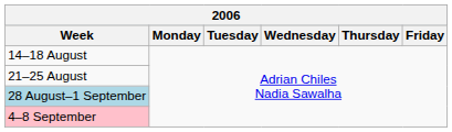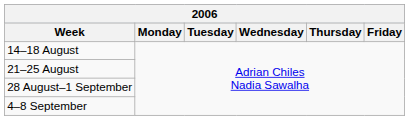 <table class="wikitable mw-collapsible" style="border:1px #aaa solid; font-size:90%;">
 <tr style="text-align:center; background:#b0c4de;">
 <th colspan=6>2006</th>
 </tr>
 <tr>
 <th>Week</th>
 <th>Monday</th>
 <th>Tuesday</th>
 <th>Wednesday</th>
 <th>Thursday</th>
 <th>Friday</th>
 </tr>
 <tr>
 <td>14–18 August</td>
 <td rowspan="4" colspan="5" style="text-align:center;"><a href='#'>Adrian Chiles</a> <br><a href='#'>Nadia Sawalha</a></td>
 </tr>
 <tr>
 <td>21–25 August</td>
 </tr>
 <tr>
-<td style="background: lightblue;">28 August–1 September</td>
+<td>28 August–1 September</td>
 </tr>
 <tr>
-<td style="background: pink;">4–8 September</td>
+<td>4–8 September</td>
 </tr>
 </table>
